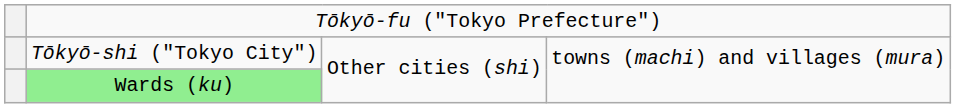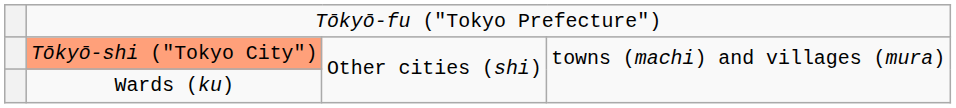 <table class="wikitable">
 <tr style="text-align: center;">
 <th> </th>
 <td colspan="3"><em>Tōkyō-fu</em> ("Tokyo Prefecture")</td>
 </tr>
 <tr style="text-align: center;">
 <th> </th>
-<td><em>Tōkyō-shi</em> ("Tokyo City")</td>
+<td style="background: lightsalmon;"><em>Tōkyō-shi</em> ("Tokyo City")</td>
 <td rowspan="2">Other cities (<em>shi</em>)</td>
 <td rowspan="2">towns (<em>machi</em>) and villages (<em>mura</em>)<br><br></td>
 </tr>
 <tr style="text-align: center;">
 <th> </th>
-<td style="background: lightgreen;">Wards (<em>ku</em>)</td>
+<td>Wards (<em>ku</em>)</td>
 </tr>
 </table>
